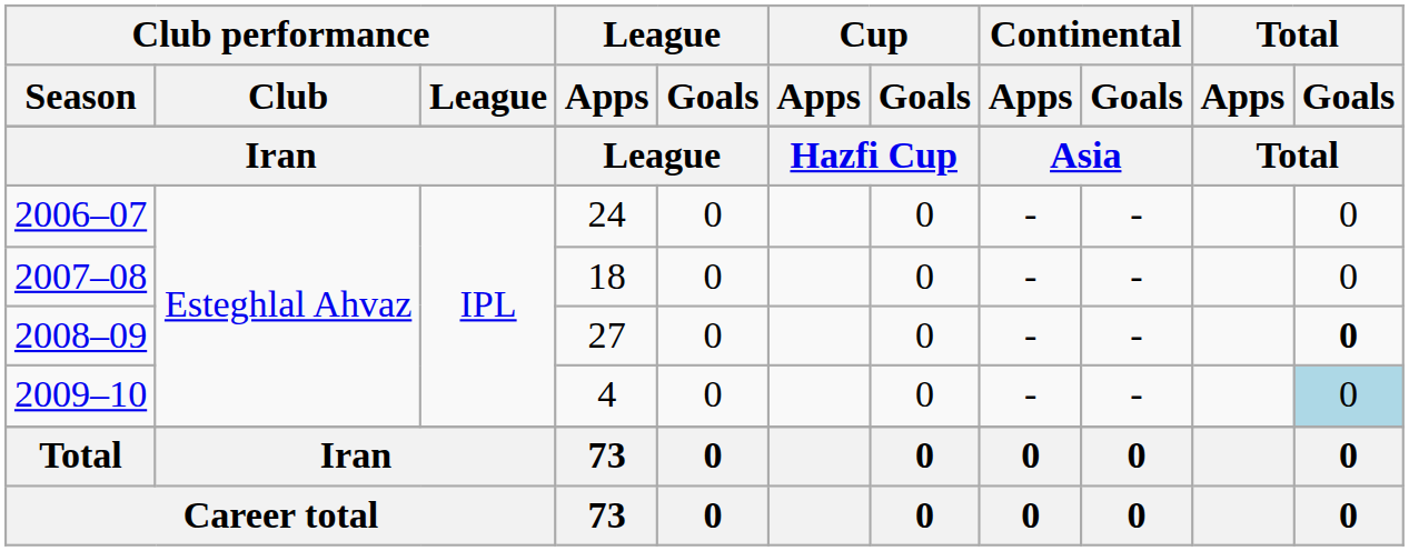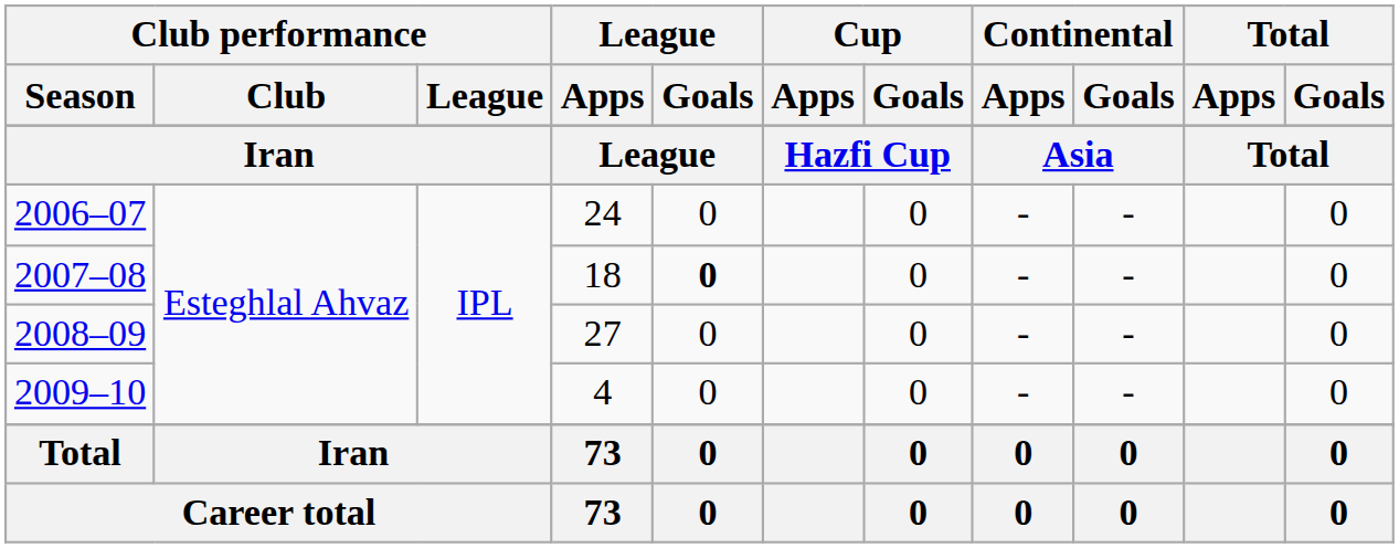 <table class="wikitable" style="text-align:center">
 <tr>
 <th colspan=3>Club performance</th>
 <th colspan=2>League</th>
 <th colspan=2>Cup</th>
 <th colspan=2>Continental</th>
 <th colspan=2>Total</th>
 </tr>
 <tr>
 <th>Season</th>
 <th>Club</th>
 <th>League</th>
 <th>Apps</th>
 <th>Goals</th>
 <th>Apps</th>
 <th>Goals</th>
 <th>Apps</th>
 <th>Goals</th>
 <th>Apps</th>
 <th>Goals</th>
 </tr>
 <tr>
 </tr>
 <tr>
 <th colspan=3>Iran</th>
 <th colspan=2>League</th>
 <th colspan=2><a href='#'>Hazfi Cup</a></th>
 <th colspan=2><a href='#'>Asia</a></th>
 <th colspan=2>Total</th>
 </tr>
 <tr>
 <td><a href='#'>2006–07</a></td>
 <td rowspan="4"><a href='#'>Esteghlal Ahvaz</a></td>
 <td rowspan="4"><a href='#'>IPL</a></td>
 <td>24</td>
 <td>0</td>
 <td></td>
 <td>0</td>
 <td>-</td>
 <td>-</td>
 <td></td>
 <td>0</td>
 </tr>
 <tr>
 <td><a href='#'>2007–08</a></td>
 <td>18</td>
-<td>0</td>
+<td><strong>0</strong></td>
 <td></td>
 <td>0</td>
 <td>-</td>
 <td>-</td>
 <td></td>
 <td>0</td>
 </tr>
 <tr>
 <td><a href='#'>2008–09</a></td>
 <td>27</td>
 <td>0</td>
 <td></td>
 <td>0</td>
 <td>-</td>
 <td>-</td>
 <td></td>
-<td><strong>0</strong></td>
+<td>0</td>
 </tr>
 <tr>
 <td><a href='#'>2009–10</a></td>
 <td>4</td>
 <td>0</td>
 <td></td>
 <td>0</td>
 <td>-</td>
 <td>-</td>
 <td></td>
-<td style="background: lightblue;">0</td>
+<td>0</td>
 </tr>
 <tr>
 </tr>
 <tr>
 <th rowspan=1>Total</th>
 <th colspan=2>Iran</th>
 <th>73</th>
 <th>0</th>
 <th></th>
 <th>0</th>
 <th>0</th>
 <th>0</th>
 <th></th>
 <th>0</th>
 </tr>
 <tr>
 <th colspan=3>Career total</th>
 <th>73</th>
 <th>0</th>
 <th></th>
 <th>0</th>
 <th>0</th>
 <th>0</th>
 <th></th>
 <th>0</th>
 </tr>
 </table>
